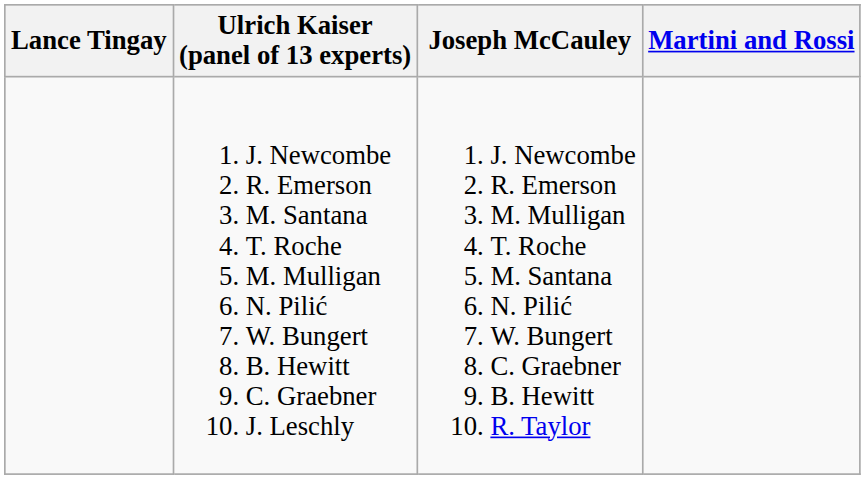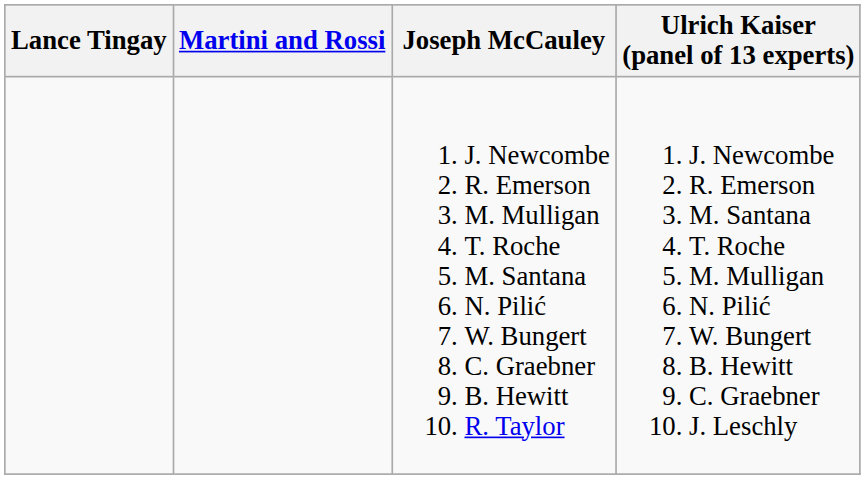 <table class="wikitable">
 <tr>
 <th>Lance Tingay<strong></strong></th>
+<th><a href='#'>Martini and Rossi</a></th>
+<th>Joseph McCauley</th>
 <th>Ulrich Kaiser<em></em><br>(panel of 13 experts)</th>
-<th>Joseph McCauley</th>
-<th><a href='#'>Martini and Rossi</a></th>
 </tr>
 <tr style="vertical-align: top;">
 <td></td>
+<td style="white-space: nowrap;"><br></td>
+<td style="white-space: nowrap;"><br><ol><li> J. Newcombe</li><li> R. Emerson</li><li> M. Mulligan</li><li> T. Roche</li><li> M. Santana</li><li> N. Pilić</li><li> W. Bungert</li><li> C. Graebner</li><li> B. Hewitt</li><li> <a href='#'>R. Taylor</a></li></ol></td>
 <td style="white-space: nowrap;"><br><ol><li> J. Newcombe</li><li> R. Emerson</li><li> M. Santana</li><li> T. Roche</li><li> M. Mulligan</li><li> N. Pilić</li><li> W. Bungert</li><li> B. Hewitt</li><li> C. Graebner</li><li> J. Leschly</li></ol></td>
-<td style="white-space: nowrap;"><br><ol><li> J. Newcombe</li><li> R. Emerson</li><li> M. Mulligan</li><li> T. Roche</li><li> M. Santana</li><li> N. Pilić</li><li> W. Bungert</li><li> C. Graebner</li><li> B. Hewitt</li><li> <a href='#'>R. Taylor</a></li></ol></td>
-<td style="white-space: nowrap;"><br></td>
 </tr>
 </table>
